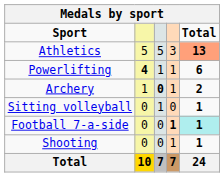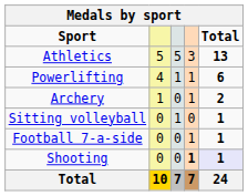 <table class=wikitable style="font-size:95%; float:right;clear:right;margin-left:0.5em;">
 <tr style="background:#efefef;">
 <th colspan=5>Medals by sport</th>
 </tr>
 <tr style="text-align:center;">
 <td><strong>Sport</strong></td>
 <td bgcolor=#f7f6a8></td>
 <td bgcolor=#dce5e5></td>
 <td bgcolor=#ffdab9></td>
 <td><strong>Total</strong></td>
 </tr>
 <tr style="text-align:center;">
 <td><a href='#'>Athletics</a></td>
 <td style="background:#F7F6A8;">5</td>
 <td style="background:#DCE5E5;">5</td>
 <td style="background:#FFDAB9;">3</td>
-<td style="background: lightsalmon;"><strong>13</strong></td>
+<td><strong>13</strong></td>
 </tr>
 <tr style="text-align:center;">
 <td><a href='#'>Powerlifting</a></td>
-<td style="background:#F7F6A8;"><strong>4</strong></td>
+<td style="background:#F7F6A8;">4</td>
 <td style="background:#DCE5E5;">1</td>
 <td style="background:#FFDAB9;">1</td>
 <td><strong>6</strong></td>
 </tr>
 <tr style="text-align:center;">
 <td><a href='#'>Archery</a></td>
 <td style="background:#F7F6A8;">1</td>
-<td style="background:#DCE5E5;"><strong>0</strong></td>
+<td style="background:#DCE5E5;">0</td>
 <td style="background:#FFDAB9;">1</td>
 <td><strong>2</strong></td>
 </tr>
 <tr style="text-align:center;">
 <td><a href='#'>Sitting volleyball</a></td>
 <td style="background:#F7F6A8;">0</td>
 <td style="background:#DCE5E5;">1</td>
 <td style="background:#FFDAB9;">0</td>
 <td><strong>1</strong></td>
 </tr>
 <tr style="text-align:center;">
 <td><a href='#'>Football 7-a-side</a></td>
 <td style="background:#F7F6A8;">0</td>
 <td style="background:#DCE5E5;">0</td>
-<td style="background:#FFDAB9;"><strong>1</strong></td>
-<td style="background: paleturquoise;"><strong>1</strong></td>
+<td style="background:#FFDAB9;">1</td>
+<td><strong>1</strong></td>
 </tr>
 <tr style="text-align:center;">
 <td><a href='#'>Shooting</a></td>
 <td style="background:#F7F6A8;">0</td>
 <td style="background:#DCE5E5;">0</td>
-<td style="background:#FFDAB9;">1</td>
-<td><strong>1</strong></td>
+<td style="background:#FFDAB9;"><strong>1</strong></td>
+<td style="background: lavender;"><strong>1</strong></td>
 </tr>
 <tr style="text-align:center;">
 <th>Total</th>
 <th style="background:gold;">10</th>
 <th style="background:silver;">7</th>
 <th style="background:#c96;">7</th>
 <th>24</th>
 </tr>
 </table>
